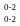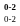 <table style="width:50%;" cellspacing="1">
 <tr>
 <th width=15%></th>
 <th width=10%></th>
 <th width=15%></th>
 </tr>
 <tr>
 </tr>
 <tr style=font-size:90%>
 <td align=right></td>
-<td align=center>0-2</td>
+<td align=center><strong>0-2</strong></td>
 <td></td>
 </tr>
 <tr style=font-size:90%>
 <td align=right></td>
 <td align=center>0-2</td>
 <td></td>
 </tr>
 </table>
